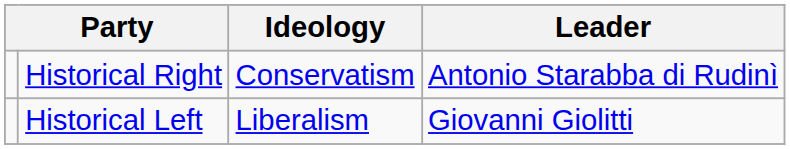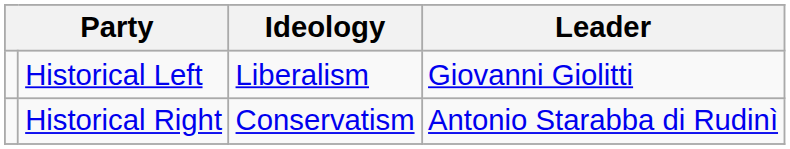 <table class=wikitable style="font-size:100%">
 <tr>
 <th colspan=2>Party</th>
 <th>Ideology</th>
 <th>Leader</th>
 </tr>
 <tr>
 <td style="color:inherit;background:"></td>
+<td><a href='#'>Historical Left</a></td>
+<td><a href='#'>Liberalism</a></td>
+<td><a href='#'>Giovanni Giolitti</a></td>
+</tr>
+<tr>
+<td style="color:inherit;background:"></td>
 <td><a href='#'>Historical Right</a></td>
 <td><a href='#'>Conservatism</a></td>
 <td><a href='#'>Antonio Starabba di Rudinì</a></td>
 </tr>
-<tr>
-<td style="color:inherit;background:"></td>
-<td><a href='#'>Historical Left</a></td>
-<td><a href='#'>Liberalism</a></td>
-<td><a href='#'>Giovanni Giolitti</a></td>
-</tr>
 </table>
